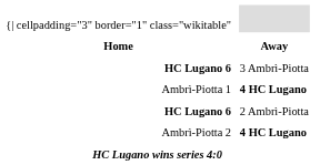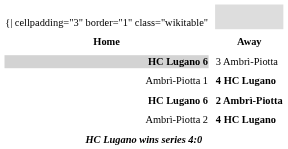 <table cellspacing="10">
 <tr>
 <td valign="top"><br>	{| cellpadding="3" border="1"  class="wikitable"</td>
 <th bgcolor="#DDDDDD" colspan="4"></th>
 </tr>
 <tr>
 <th>Home</th>
 <th>Away</th>
 </tr>
 <tr>
-<td align = "right"><strong>HC Lugano 6</strong></td>
+<td align = "right" style="background: lightgrey;"><strong>HC Lugano 6</strong></td>
 <td>3 Ambrì-Piotta</td>
 </tr>
 <tr>
 <td align = "right">Ambrì-Piotta 1</td>
 <td><strong>4 HC Lugano</strong></td>
 </tr>
 <tr>
 <td align = "right"><strong>HC Lugano 6</strong></td>
-<td>2 Ambrì-Piotta</td>
+<td><strong>2 Ambrì-Piotta</strong></td>
 </tr>
 <tr>
 <td align = "right">Ambrì-Piotta 2</td>
 <td><strong>4 HC Lugano</strong></td>
 </tr>
 <tr align="center">
 <td colspan="4"><strong><em>HC Lugano wins series 4:0</em></strong></td>
 </tr>
 </table>
